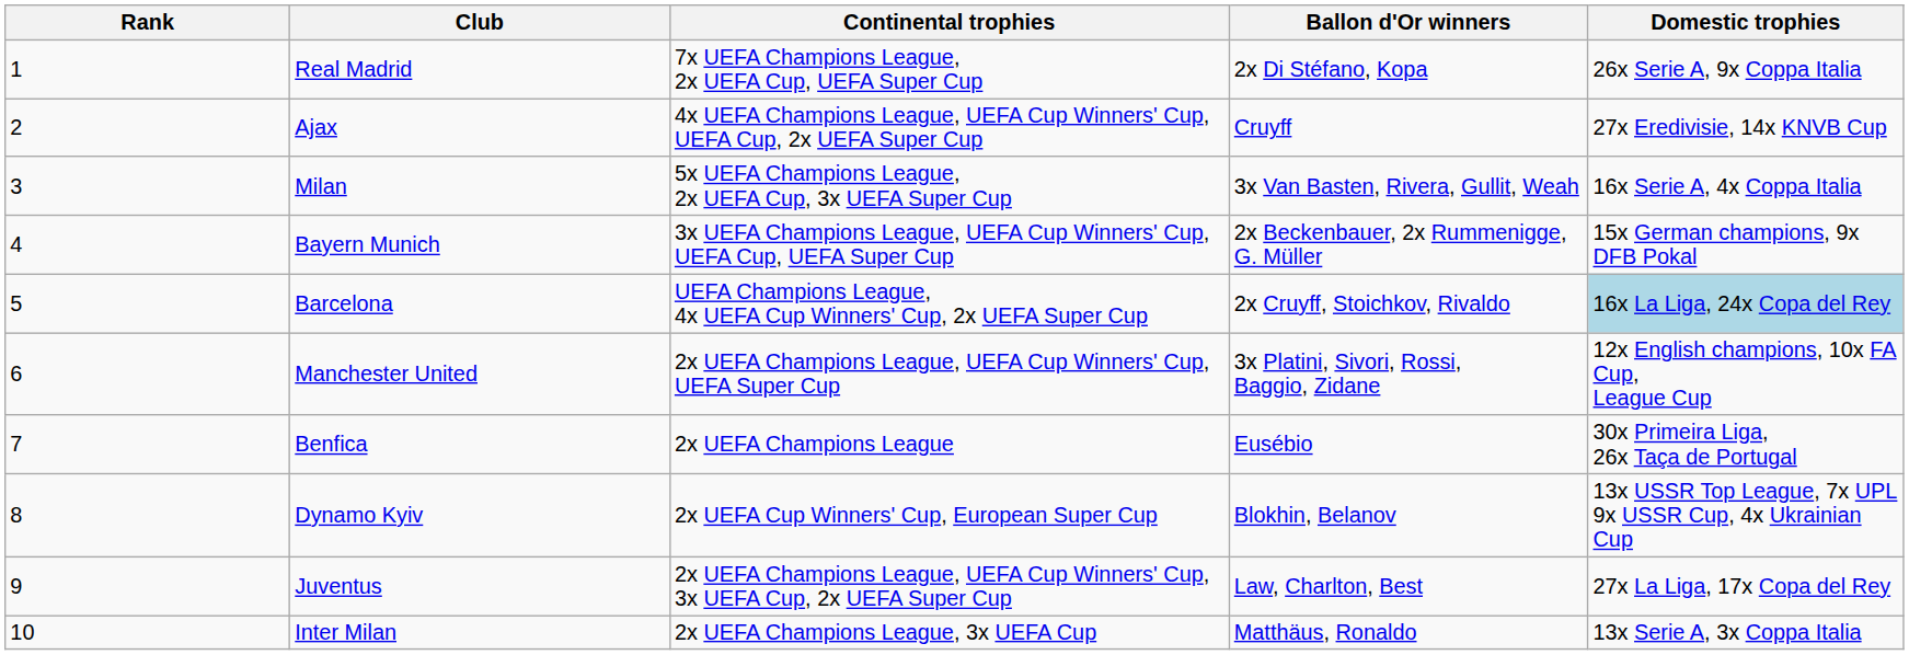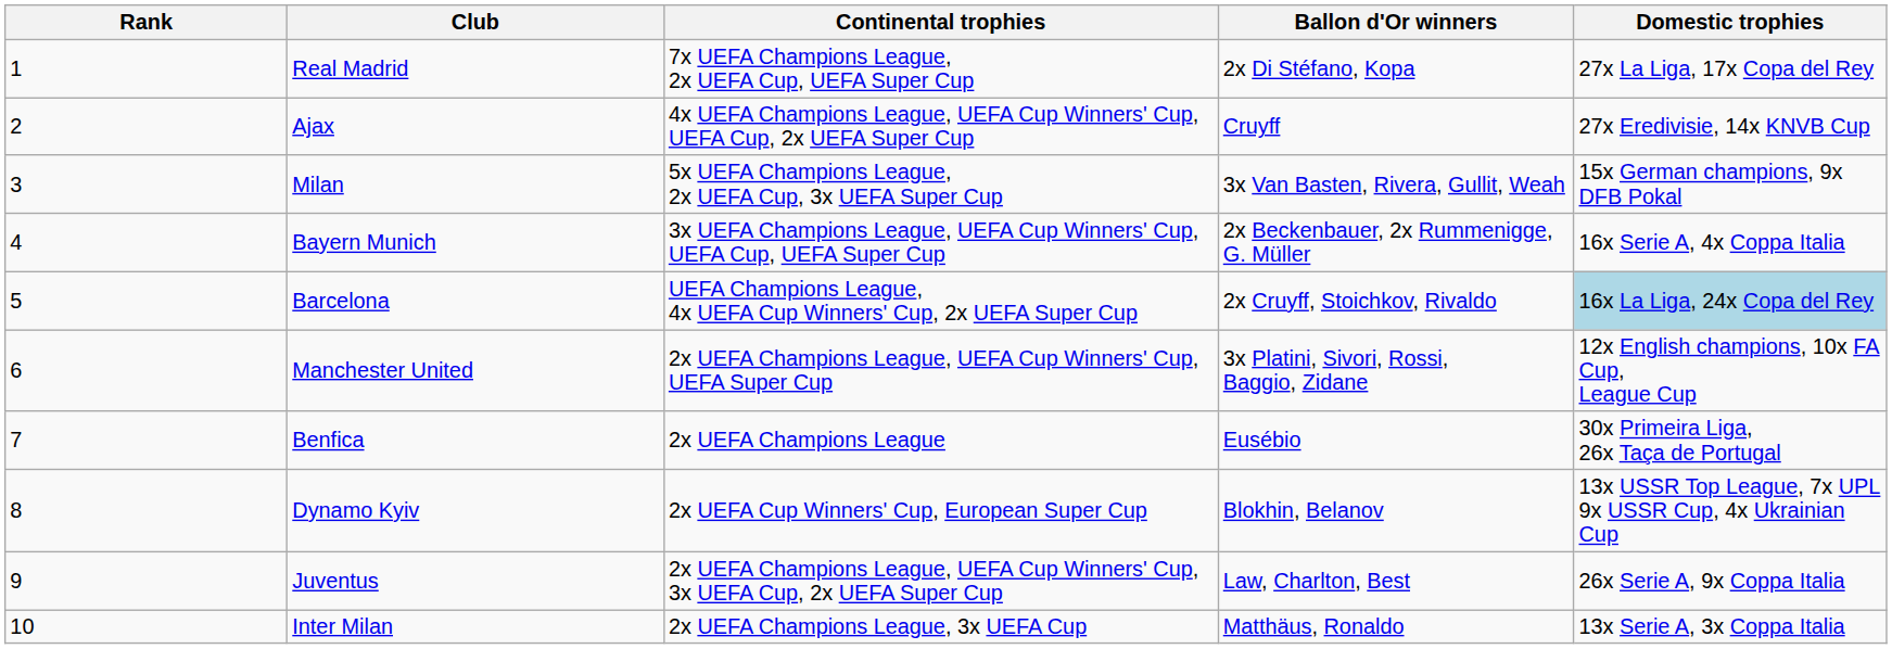 <table class="wikitable sortable" style="font-size:90%; margin:0 .5em .5em 0; margin-top:.5em; margin-bottom:.5em; border:1px solid #CCC; border-collapse:collapse; text-align:left;">
 <tr>
 <th width=15%>Rank</th>
 <th width=20%>Club</th>
 <th>Continental trophies</th>
 <th>Ballon d'Or winners</th>
 <th>Domestic trophies</th>
 </tr>
 <tr>
 <td>1</td>
 <td> <a href='#'>Real Madrid</a></td>
 <td>7x <a href='#'>UEFA Champions League</a>, <br>2x <a href='#'>UEFA Cup</a>, <a href='#'>UEFA Super Cup</a></td>
 <td>2x <a href='#'>Di Stéfano</a>, <a href='#'>Kopa</a></td>
-<td>26x <a href='#'>Serie A</a>, 9x <a href='#'>Coppa Italia</a></td>
+<td>27x <a href='#'>La Liga</a>, 17x <a href='#'>Copa del Rey</a></td>
 </tr>
 <tr>
 <td>2</td>
 <td> <a href='#'>Ajax</a></td>
 <td>4x <a href='#'>UEFA Champions League</a>, <a href='#'>UEFA Cup Winners' Cup</a>, <br><a href='#'>UEFA Cup</a>, 2x <a href='#'>UEFA Super Cup</a></td>
 <td><a href='#'>Cruyff</a></td>
 <td>27x <a href='#'>Eredivisie</a>, 14x <a href='#'>KNVB Cup</a></td>
 </tr>
 <tr>
 <td>3</td>
 <td> <a href='#'>Milan</a></td>
 <td>5x <a href='#'>UEFA Champions League</a>, <br>2x <a href='#'>UEFA Cup</a>, 3x <a href='#'>UEFA Super Cup</a></td>
 <td>3x <a href='#'>Van Basten</a>, <a href='#'>Rivera</a>, <a href='#'>Gullit</a>, <a href='#'>Weah</a></td>
-<td>16x <a href='#'>Serie A</a>, 4x <a href='#'>Coppa Italia</a></td>
+<td>15x <a href='#'>German champions</a>, 9x <a href='#'>DFB Pokal</a></td>
 </tr>
 <tr>
 <td>4</td>
 <td> <a href='#'>Bayern Munich</a></td>
 <td>3x <a href='#'>UEFA Champions League</a>, <a href='#'>UEFA Cup Winners' Cup</a>, <br><a href='#'>UEFA Cup</a>, <a href='#'>UEFA Super Cup</a></td>
 <td>2x <a href='#'>Beckenbauer</a>, 2x <a href='#'>Rummenigge</a>, <a href='#'>G. Müller</a></td>
-<td>15x <a href='#'>German champions</a>, 9x <a href='#'>DFB Pokal</a></td>
+<td>16x <a href='#'>Serie A</a>, 4x <a href='#'>Coppa Italia</a></td>
 </tr>
 <tr>
 <td>5</td>
 <td> <a href='#'>Barcelona</a></td>
 <td><a href='#'>UEFA Champions League</a>, <br>4x <a href='#'>UEFA Cup Winners' Cup</a>, 2x <a href='#'>UEFA Super Cup</a></td>
 <td>2x <a href='#'>Cruyff</a>, <a href='#'>Stoichkov</a>, <a href='#'>Rivaldo</a></td>
 <td style="background: lightblue;">16x <a href='#'>La Liga</a>, 24x <a href='#'>Copa del Rey</a></td>
 </tr>
 <tr>
 <td>6</td>
 <td> <a href='#'>Manchester United</a></td>
 <td>2x <a href='#'>UEFA Champions League</a>, <a href='#'>UEFA Cup Winners' Cup</a>, <a href='#'>UEFA Super Cup</a></td>
 <td>3x <a href='#'>Platini</a>, <a href='#'>Sivori</a>, <a href='#'>Rossi</a>, <br><a href='#'>Baggio</a>, <a href='#'>Zidane</a></td>
 <td>12x <a href='#'>English champions</a>, 10x <a href='#'>FA Cup</a>, <br><a href='#'>League Cup</a></td>
 </tr>
 <tr>
 <td>7</td>
 <td> <a href='#'>Benfica</a></td>
 <td>2x <a href='#'>UEFA Champions League</a></td>
 <td><a href='#'>Eusébio</a></td>
 <td>30x <a href='#'>Primeira Liga</a>, <br>26x <a href='#'>Taça de Portugal</a></td>
 </tr>
 <tr>
 <td>8</td>
 <td> <a href='#'>Dynamo Kyiv</a></td>
 <td>2x <a href='#'>UEFA Cup Winners' Cup</a>, <a href='#'>European Super Cup</a></td>
 <td><a href='#'>Blokhin</a>, <a href='#'>Belanov</a></td>
 <td>13x <a href='#'>USSR Top League</a>, 7x <a href='#'>UPL</a> <br>9x <a href='#'>USSR Cup</a>, 4x <a href='#'>Ukrainian Cup</a></td>
 </tr>
 <tr>
 <td>9</td>
 <td> <a href='#'>Juventus</a></td>
 <td>2x <a href='#'>UEFA Champions League</a>, <a href='#'>UEFA Cup Winners' Cup</a>, <br>3x <a href='#'>UEFA Cup</a>, 2x <a href='#'>UEFA Super Cup</a></td>
 <td><a href='#'>Law</a>, <a href='#'>Charlton</a>, <a href='#'>Best</a></td>
-<td>27x <a href='#'>La Liga</a>, 17x <a href='#'>Copa del Rey</a></td>
+<td>26x <a href='#'>Serie A</a>, 9x <a href='#'>Coppa Italia</a></td>
 </tr>
 <tr>
 <td>10</td>
 <td> <a href='#'>Inter Milan</a></td>
 <td>2x <a href='#'>UEFA Champions League</a>, 3x <a href='#'>UEFA Cup</a></td>
 <td><a href='#'>Matthäus</a>, <a href='#'>Ronaldo</a></td>
 <td>13x <a href='#'>Serie A</a>, 3x <a href='#'>Coppa Italia</a></td>
 </tr>
 </table>
